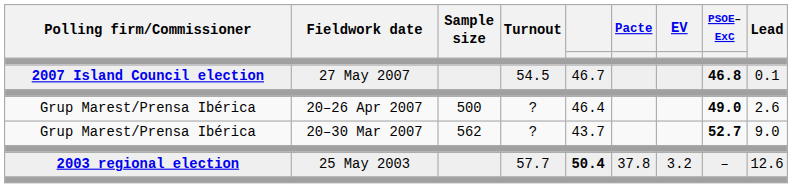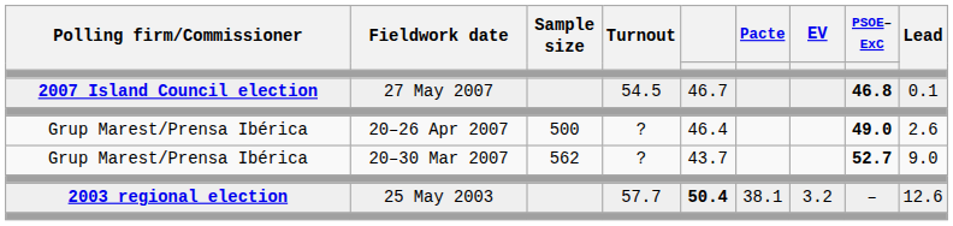 <table class="wikitable collapsible collapsed" style="text-align:center; font-size:95%; line-height:16px;">
 <tr style="height:42px;">
 <th style="width:250px;" rowspan="2">Polling firm/Commissioner</th>
 <th style="width:125px;" rowspan="2">Fieldwork date</th>
 <th style="width:50px;" rowspan="2">Sample size</th>
 <th style="width:45px;" rowspan="2">Turnout</th>
 <th style="width:35px;"></th>
 <th style="width:35px; font-size:90%;"><a href='#'>Pacte</a></th>
 <th style="width:35px;"><a href='#'>EV</a></th>
 <th style="width:35px; font-size:80%;"><a href='#'>PSOE</a>–<a href='#'>ExC</a></th>
 <th style="width:30px;" rowspan="2">Lead</th>
 </tr>
 <tr>
 <th style="color:inherit;background:"></th>
 <th style="color:inherit;background:"></th>
 <th style="color:inherit;background:"></th>
 <th style="color:inherit;background:"></th>
 </tr>
 <tr>
 <td colspan="9" style="background:#A0A0A0"></td>
 </tr>
 <tr style="background:#EFEFEF;">
 <td><strong><a href='#'>2007 Island Council election</a></strong></td>
 <td>27 May 2007</td>
 <td></td>
 <td>54.5</td>
 <td>46.7<br></td>
 <td></td>
 <td></td>
 <td><strong>46.8</strong><br></td>
 <td style="background:">0.1</td>
 </tr>
 <tr>
 <td colspan="9" style="background:#A0A0A0"></td>
 </tr>
 <tr>
 <td>Grup Marest/Prensa Ibérica</td>
 <td>20–26 Apr 2007</td>
 <td>500</td>
 <td>?</td>
 <td>46.4<br></td>
 <td></td>
 <td></td>
 <td><strong>49.0</strong><br></td>
 <td style="background:">2.6</td>
 </tr>
 <tr>
 <td>Grup Marest/Prensa Ibérica</td>
 <td>20–30 Mar 2007</td>
 <td>562</td>
 <td>?</td>
 <td>43.7<br></td>
 <td></td>
 <td></td>
 <td><strong>52.7</strong><br></td>
 <td style="background:">9.0</td>
 </tr>
 <tr>
 <td colspan="9" style="background:#A0A0A0"></td>
 </tr>
 <tr style="background:#EFEFEF;">
 <td><strong><a href='#'>2003 regional election</a></strong></td>
 <td>25 May 2003</td>
 <td></td>
 <td>57.7</td>
 <td><strong>50.4</strong><br></td>
-<td>37.8<br></td>
+<td>38.1<br></td>
 <td>3.2<br></td>
 <td>–</td>
 <td style="background:">12.6</td>
 </tr>
 <tr>
 <td colspan="9" style="background:#A0A0A0"></td>
 </tr>
 </table>
